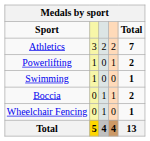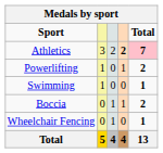 <table class=wikitable style="font-size:90%; float:right">
 <tr bgcolor=efefef>
 <th colspan=5><strong>Medals by sport</strong></th>
 </tr>
 <tr style="text-align:center;">
 <td><strong>Sport</strong></td>
 <td style="background:#f7f6a8;"></td>
 <td style="background:#dce5e5;"></td>
 <td style="background:#ffdab9;"></td>
 <td><strong>Total</strong></td>
 </tr>
 <tr style="text-align:center;">
 <td><a href='#'>Athletics</a></td>
 <td style="background:#F7F6A8;">3</td>
 <td style="background:#DCE5E5;">2</td>
-<td style="background:#FFDAB9;">2</td>
-<td><strong>7</strong></td>
+<td style="background:#FFDAB9;"><strong>2</strong></td>
+<td style="background: pink;"><strong>7</strong></td>
 </tr>
 <tr style="text-align:center;">
 <td><a href='#'>Powerlifting</a></td>
 <td style="background:#F7F6A8;">1</td>
 <td style="background:#DCE5E5;">0</td>
 <td style="background:#FFDAB9;">1</td>
 <td><strong>2</strong></td>
 </tr>
 <tr style="text-align:center;">
 <td><a href='#'>Swimming</a></td>
 <td style="background:#F7F6A8;">1</td>
 <td style="background:#DCE5E5;">0</td>
 <td style="background:#FFDAB9;">0</td>
 <td><strong>1</strong></td>
 </tr>
 <tr style="text-align:center;">
 <td><a href='#'>Boccia</a></td>
 <td style="background:#F7F6A8;">0</td>
 <td style="background:#DCE5E5;">1</td>
 <td style="background:#FFDAB9;">1</td>
 <td><strong>2</strong></td>
 </tr>
 <tr style="text-align:center;">
 <td><a href='#'>Wheelchair Fencing</a></td>
 <td style="background:#F7F6A8;">0</td>
 <td style="background:#DCE5E5;">1</td>
 <td style="background:#FFDAB9;">0</td>
 <td><strong>1</strong></td>
 </tr>
 <tr style="text-align:center;">
 <th><strong>Total</strong></th>
 <th style="background:gold;"><strong>5</strong></th>
 <th style="background:silver;"><strong>4</strong></th>
 <th style="background:#c96;"><strong>4</strong></th>
 <th><strong>13</strong></th>
 </tr>
 </table>
